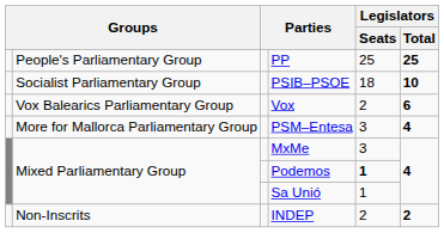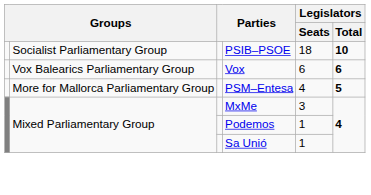 <table class="wikitable" style="text-align:left;">
 <tr>
 <th rowspan="2" colspan="2">Groups</th>
 <th rowspan="2" colspan="2">Parties</th>
 <th colspan="2">Legislators</th>
 </tr>
 <tr>
 <th>Seats</th>
 <th>Total</th>
-</tr>
-<tr>
-<td width="1" style="color:inherit;background:"></td>
-<td>People's Parliamentary Group</td>
-<td width="1" style="color:inherit;background:"></td>
-<td><a href='#'>PP</a></td>
-<td>25</td>
-<td><strong>25</strong></td>
 </tr>
 <tr>
 <td style="color:inherit;background:"></td>
 <td>Socialist Parliamentary Group</td>
 <td style="color:inherit;background:"></td>
 <td><a href='#'>PSIB–PSOE</a></td>
 <td>18</td>
 <td><strong>10</strong></td>
 </tr>
 <tr>
 <td style="color:inherit;background:"></td>
 <td>Vox Balearics Parliamentary Group</td>
 <td style="color:inherit;background:"></td>
 <td><a href='#'>Vox</a></td>
-<td>2</td>
+<td>6</td>
 <td><strong>6</strong></td>
 </tr>
 <tr>
 <td style="color:inherit;background:"></td>
 <td>More for Mallorca Parliamentary Group</td>
 <td style="color:inherit;background:"></td>
 <td><a href='#'>PSM–Entesa</a></td>
-<td>3</td>
-<td><strong>4</strong></td>
+<td>4</td>
+<td><strong>5</strong></td>
 </tr>
 <tr>
 <td rowspan="3" bgcolor="gray"></td>
 <td rowspan="3">Mixed Parliamentary Group</td>
 <td style="color:inherit;background:"></td>
 <td><a href='#'>MxMe</a></td>
 <td>3</td>
 <td rowspan="3"><strong>4</strong></td>
 </tr>
 <tr>
 <td style="color:inherit;background:"></td>
 <td><a href='#'>Podemos</a></td>
-<td><strong>1</strong></td>
+<td>1</td>
 </tr>
 <tr>
 <td style="color:inherit;background:"></td>
 <td><a href='#'>Sa Unió</a></td>
 <td>1</td>
 </tr>
-<tr>
-<td style="color:inherit;background:"></td>
-<td>Non-Inscrits</td>
-<td style="color:inherit;background:"></td>
-<td><a href='#'>INDEP</a></td>
-<td>2</td>
-<td><strong>2</strong></td>
-</tr>
 </table>
